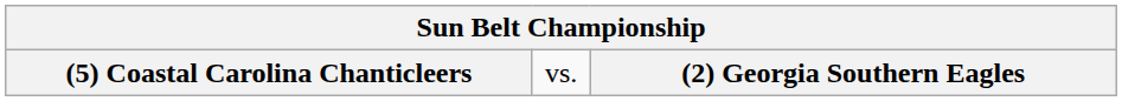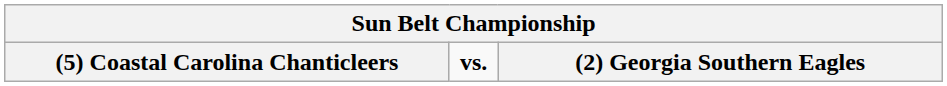 <table class="wikitable">
 <tr>
 <th style="width: 604px;" colspan=3>Sun Belt Championship</th>
 </tr>
 <tr>
 <th style="width: 289px; ">(5) Coastal Carolina Chanticleers</th>
-<td style="width: 25px; text-align:center">vs.</td>
+<td style="width: 25px; text-align:center"><strong>vs.</strong></td>
 <th style="width: 289px; ">(2) Georgia Southern Eagles</th>
 </tr>
 </table>
